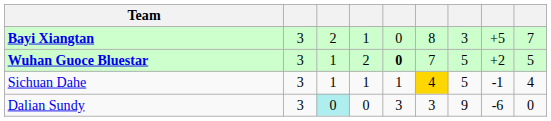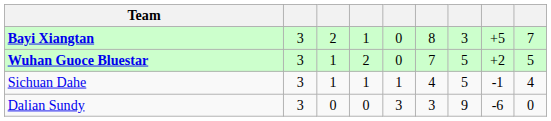 <table class="wikitable" style="text-align:center;">
 <tr>
 <th width=310>Team</th>
 <th width=30></th>
 <th width=30></th>
 <th width=30></th>
 <th width=30></th>
 <th width=30></th>
 <th width=30></th>
 <th width=30></th>
 <th width=30></th>
 </tr>
 <tr bgcolor="#ccffcc">
 <td align="left"><strong><a href='#'>Bayi Xiangtan</a></strong></td>
 <td>3</td>
 <td>2</td>
 <td>1</td>
 <td>0</td>
 <td>8</td>
 <td>3</td>
 <td>+5</td>
 <td>7</td>
 </tr>
 <tr bgcolor="#ccffcc">
 <td align="left"><strong><a href='#'>Wuhan Guoce Bluestar</a></strong></td>
 <td>3</td>
 <td>1</td>
 <td>2</td>
-<td><strong>0</strong></td>
+<td>0</td>
 <td>7</td>
 <td>5</td>
 <td>+2</td>
 <td>5</td>
 </tr>
 <tr>
 <td align="left"><a href='#'>Sichuan Dahe</a></td>
 <td>3</td>
 <td>1</td>
 <td>1</td>
 <td>1</td>
-<td style="background: gold;">4</td>
+<td>4</td>
 <td>5</td>
 <td>-1</td>
 <td>4</td>
 </tr>
 <tr>
 <td align="left"><a href='#'>Dalian Sundy</a></td>
 <td>3</td>
-<td style="background: paleturquoise;">0</td>
+<td>0</td>
 <td>0</td>
 <td>3</td>
 <td>3</td>
 <td>9</td>
 <td>-6</td>
 <td>0</td>
 </tr>
 </table>
